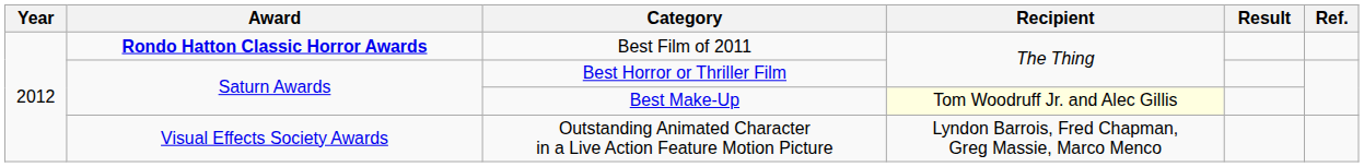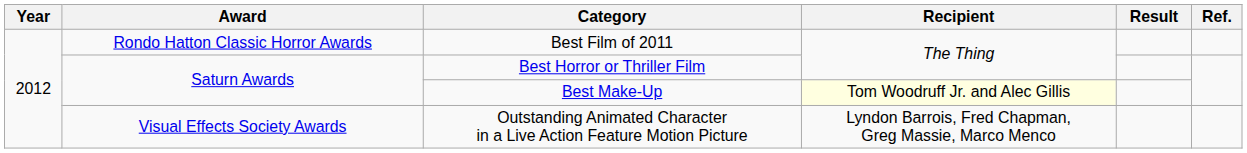 <table class="wikitable" style="width:99%;">
 <tr>
 <th>Year</th>
 <th>Award</th>
 <th>Category</th>
 <th>Recipient</th>
 <th>Result</th>
 <th>Ref.</th>
 </tr>
 <tr>
 <td rowspan="4" style="text-align:center;">2012</td>
-<td style="text-align:center;"><strong><a href='#'>Rondo Hatton Classic Horror Awards</a></strong></td>
+<td style="text-align:center;"><a href='#'>Rondo Hatton Classic Horror Awards</a></td>
 <td style="text-align:center;">Best Film of 2011</td>
 <td rowspan="2" style="text-align:center;"><em>The Thing</em></td>
 <td></td>
 <td style="text-align:center;"></td>
 </tr>
 <tr>
 <td rowspan="2" style="text-align:center;"><a href='#'>Saturn Awards</a></td>
 <td style="text-align:center;"><a href='#'>Best Horror or Thriller Film</a></td>
 <td></td>
 <td rowspan="2" style="text-align:center;"></td>
 </tr>
 <tr>
 <td style="text-align:center;"><a href='#'>Best Make-Up</a></td>
 <td style="background: lightyellow; text-align:center;">Tom Woodruff Jr. and Alec Gillis</td>
 <td></td>
 </tr>
 <tr>
 <td style="text-align:center;"><a href='#'>Visual Effects Society Awards</a></td>
 <td style="text-align:center;">Outstanding Animated Character<br>in a Live Action Feature Motion Picture</td>
 <td style="text-align:center;">Lyndon Barrois, Fred Chapman,<br>Greg Massie, Marco Menco</td>
 <td></td>
 <td style="text-align:center;"></td>
 </tr>
 </table>
